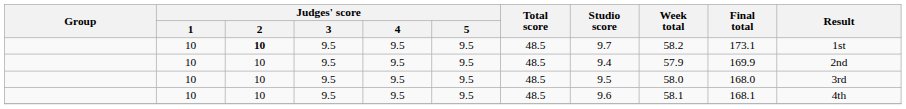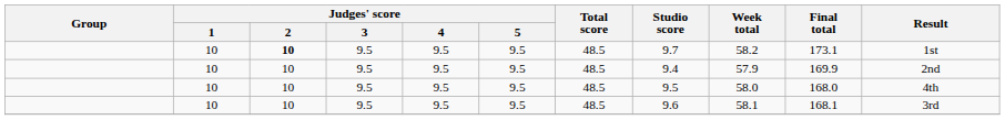 <table class="wikitable" style="font-size:100%; line-height:16px; text-align:center" width="100%">
 <tr>
 <th rowspan=2 width="11.00%">Group</th>
 <th colspan=5 width="25.00%">Judges' score</th>
 <th rowspan=2 width="05.00%">Total<br>score</th>
 <th rowspan=2 width="05.00%">Studio<br>score</th>
 <th rowspan=2 width="05.00%">Week<br>total</th>
 <th rowspan=2 width="05.00%">Final<br>total</th>
 <th rowspan=2 width="09.00%">Result</th>
 </tr>
 <tr>
 <th width="05%">1</th>
 <th width="05%">2</th>
 <th width="05%">3</th>
 <th width="05%">4</th>
 <th width="05%">5</th>
 </tr>
 <tr>
 <td></td>
 <td>10</td>
 <td><strong>10</strong></td>
 <td>9.5</td>
 <td>9.5</td>
 <td>9.5</td>
 <td>48.5</td>
 <td>9.7</td>
 <td>58.2</td>
 <td>173.1</td>
 <td>1st</td>
 </tr>
 <tr>
 <td></td>
 <td>10</td>
 <td>10</td>
 <td>9.5</td>
 <td>9.5</td>
 <td>9.5</td>
 <td>48.5</td>
 <td>9.4</td>
 <td>57.9</td>
 <td>169.9</td>
 <td>2nd</td>
 </tr>
 <tr>
 <td></td>
 <td>10</td>
 <td>10</td>
 <td>9.5</td>
 <td>9.5</td>
 <td>9.5</td>
 <td>48.5</td>
 <td>9.5</td>
 <td>58.0</td>
 <td>168.0</td>
-<td>3rd</td>
+<td>4th</td>
 </tr>
 <tr>
 <td></td>
 <td>10</td>
 <td>10</td>
 <td>9.5</td>
 <td>9.5</td>
 <td>9.5</td>
 <td>48.5</td>
 <td>9.6</td>
 <td>58.1</td>
 <td>168.1</td>
-<td>4th</td>
+<td>3rd</td>
 </tr>
 <tr>
 </tr>
 </table>
